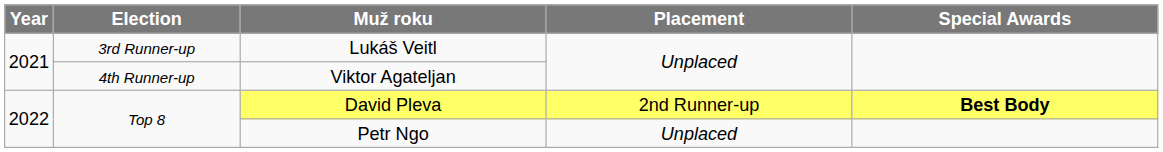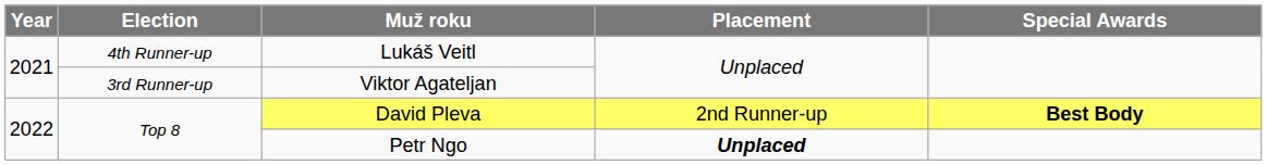 <table class="wikitable sortable" style="font-size: 95%; text-align:center">
 <tr>
 <th width="30" style="background-color:#787878;color:#FFFFFF;">Year</th>
 <th width="150" style="background-color:#787878;color:#FFFFFF;">Election</th>
 <th width="250" style="background-color:#787878;color:#FFFFFF;">Muž roku</th>
 <th width="250" style="background-color:#787878;color:#FFFFFF;">Placement</th>
 <th width="250" style="background-color:#787878;color:#FFFFFF;">Special Awards</th>
 </tr>
 <tr>
 <td rowspan=2>2021</td>
-<td><small><em>3rd Runner-up</em></small></td>
+<td><small><em>4th Runner-up</em></small></td>
 <td>Lukáš Veitl</td>
 <td rowspan=2><em>Unplaced</em></td>
 <td rowspan=2></td>
 </tr>
 <tr>
-<td><small><em>4th Runner-up</em></small></td>
+<td><small><em>3rd Runner-up</em></small></td>
 <td>Viktor Agateljan</td>
 </tr>
 <tr>
 <td rowspan=2>2022</td>
 <td rowspan=3><small><em>Top 8</em></small></td>
 <td style="background:#FFFF66;">David Pleva</td>
 <td style="background:#FFFF66;">2nd Runner-up</td>
 <td style="background:#FFFF66;"><strong>Best Body</strong></td>
 </tr>
 <tr>
 <td>Petr Ngo</td>
-<td><em>Unplaced</em></td>
+<td><strong><em>Unplaced</em></strong></td>
 <td></td>
 </tr>
 </table>
